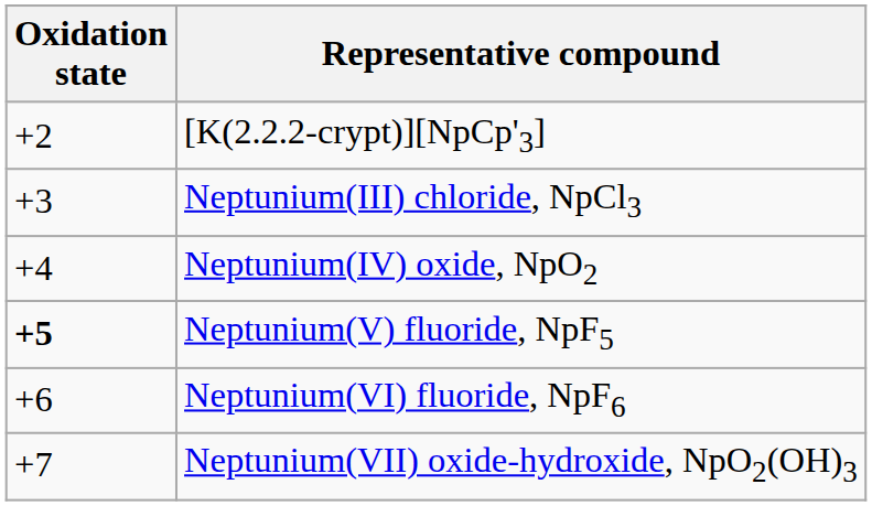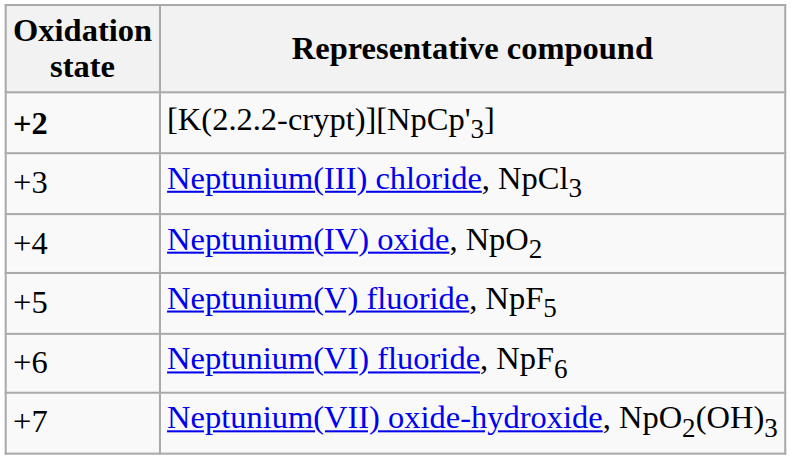 <table class="wikitable" style="float:right; clear:right; margin-left:1em; margin-top:0;">
 <tr>
 <th>Oxidation <br>state</th>
 <th>Representative compound</th>
 </tr>
 <tr>
-<td>+2</td>
+<td><strong>+2</strong></td>
 <td>[K(2.2.2-crypt)][NpCp'<sub>3</sub>]</td>
 </tr>
 <tr>
 <td>+3</td>
 <td><a href='#'>Neptunium(III) chloride</a>, NpCl<sub>3</sub></td>
 </tr>
 <tr>
 <td>+4</td>
 <td><a href='#'>Neptunium(IV) oxide</a>, NpO<sub>2</sub></td>
 </tr>
 <tr>
-<td><strong>+5</strong></td>
+<td>+5</td>
 <td><a href='#'>Neptunium(V) fluoride</a>, NpF<sub>5</sub></td>
 </tr>
 <tr>
 <td>+6</td>
 <td><a href='#'>Neptunium(VI) fluoride</a>, NpF<sub>6</sub></td>
 </tr>
 <tr>
 <td>+7</td>
 <td><a href='#'>Neptunium(VII) oxide-hydroxide</a>, NpO<sub>2</sub>(OH)<sub>3</sub></td>
 </tr>
 </table>
